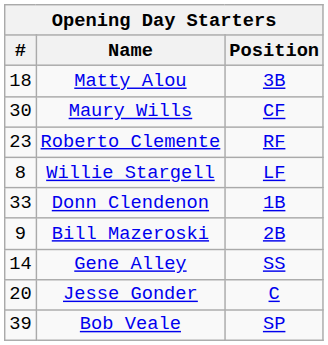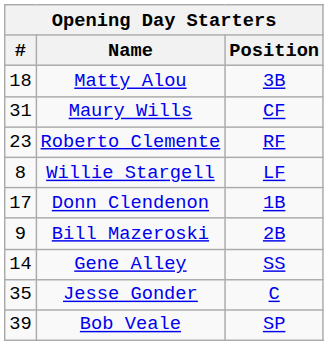 <table class="wikitable" style="text-align:center">
 <tr>
 <th colspan="3">Opening Day Starters</th>
 </tr>
 <tr>
 <th>#</th>
 <th>Name</th>
 <th>Position</th>
 </tr>
 <tr>
 <td>18</td>
 <td><a href='#'>Matty Alou</a></td>
 <td><a href='#'>3B</a></td>
 </tr>
 <tr>
-<td>30</td>
+<td>31</td>
 <td><a href='#'>Maury Wills</a></td>
 <td><a href='#'>CF</a></td>
 </tr>
 <tr>
 <td>23</td>
 <td><a href='#'>Roberto Clemente</a></td>
 <td><a href='#'>RF</a></td>
 </tr>
 <tr>
 <td>8</td>
 <td><a href='#'>Willie Stargell</a></td>
 <td><a href='#'>LF</a></td>
 </tr>
 <tr>
-<td>33</td>
+<td>17</td>
 <td><a href='#'>Donn Clendenon</a></td>
 <td><a href='#'>1B</a></td>
 </tr>
 <tr>
 <td>9</td>
 <td><a href='#'>Bill Mazeroski</a></td>
 <td><a href='#'>2B</a></td>
 </tr>
 <tr>
 <td>14</td>
 <td><a href='#'>Gene Alley</a></td>
 <td><a href='#'>SS</a></td>
 </tr>
 <tr>
-<td>20</td>
+<td>35</td>
 <td><a href='#'>Jesse Gonder</a></td>
 <td><a href='#'>C</a></td>
 </tr>
 <tr>
 <td>39</td>
 <td><a href='#'>Bob Veale</a></td>
 <td><a href='#'>SP</a></td>
 </tr>
 </table>
